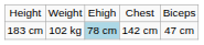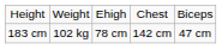 <table class="wikitable">
 <tr>
 <td align="center">Height</td>
 <td align="center">Weight</td>
 <td align="center">Еhigh</td>
 <td align="center">Сhest</td>
 <td align="center">Biceps</td>
 </tr>
 <tr>
 <td align="center">183 cm</td>
 <td align="center">102 kg</td>
-<td align="center" style="background: lightblue;">78 cm</td>
+<td align="center">78 cm</td>
 <td align="center">142 cm</td>
 <td align="center">47 cm</td>
 </tr>
 </table>
